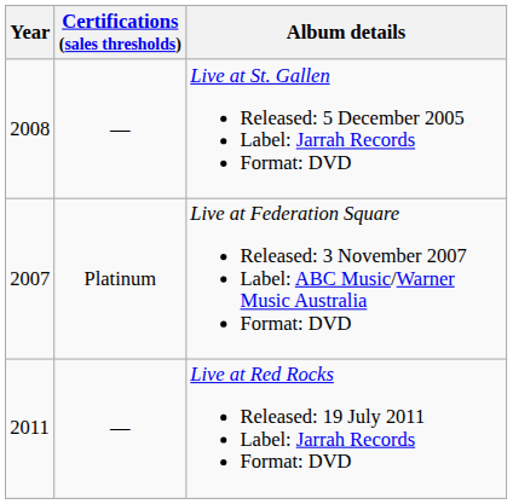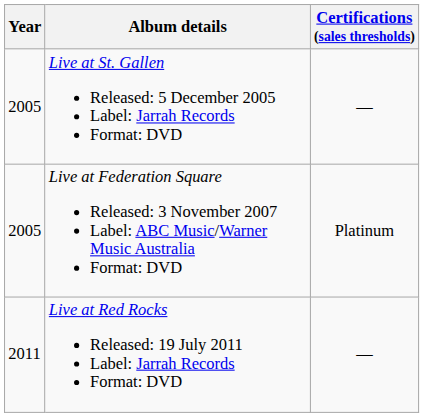 <table class="wikitable">
 <tr>
 <th>Year</th>
+<th style="width:250px;">Album details</th>
 <th><a href='#'>Certifications</a><br><small>(<a href='#'>sales thresholds</a>)</small></th>
-<th style="width:250px;">Album details</th>
 </tr>
 <tr>
-<td>2008</td>
+<td>2005</td>
+<td><em><a href='#'>Live at St. Gallen</a></em><br><ul><li>Released: 5 December 2005</li><li>Label: <a href='#'>Jarrah Records</a></li><li>Format: DVD</li></ul></td>
 <td style="text-align:center;">—</td>
-<td><em><a href='#'>Live at St. Gallen</a></em><br><ul><li>Released: 5 December 2005</li><li>Label: <a href='#'>Jarrah Records</a></li><li>Format: DVD</li></ul></td>
 </tr>
 <tr>
-<td>2007</td>
+<td>2005</td>
+<td><em>Live at Federation Square</em><br><ul><li>Released: 3 November 2007</li><li>Label: <a href='#'>ABC Music</a>/<a href='#'>Warner Music Australia</a></li><li>Format: DVD</li></ul></td>
 <td style="text-align:center;">Platinum</td>
-<td><em>Live at Federation Square</em><br><ul><li>Released: 3 November 2007</li><li>Label: <a href='#'>ABC Music</a>/<a href='#'>Warner Music Australia</a></li><li>Format: DVD</li></ul></td>
 </tr>
 <tr>
 <td>2011</td>
+<td><em><a href='#'>Live at Red Rocks</a></em><br><ul><li>Released: 19 July 2011</li><li>Label: <a href='#'>Jarrah Records</a></li><li>Format: DVD</li></ul></td>
 <td style="text-align:center;">—</td>
-<td><em><a href='#'>Live at Red Rocks</a></em><br><ul><li>Released: 19 July 2011</li><li>Label: <a href='#'>Jarrah Records</a></li><li>Format: DVD</li></ul></td>
 </tr>
 </table>
